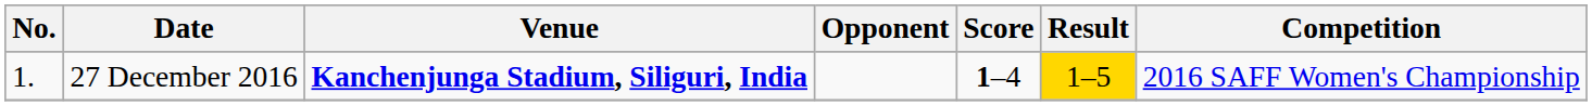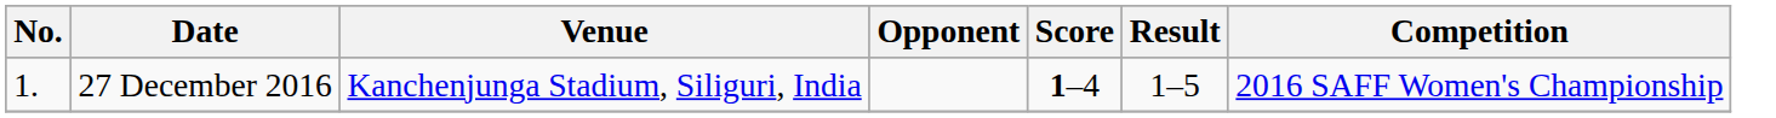 <table class="wikitable">
 <tr>
 <th>No.</th>
 <th>Date</th>
 <th>Venue</th>
 <th>Opponent</th>
 <th>Score</th>
 <th>Result</th>
 <th>Competition</th>
 </tr>
 <tr>
 <td>1.</td>
 <td>27 December 2016</td>
-<td><strong><a href='#'>Kanchenjunga Stadium</a>, <a href='#'>Siliguri</a>, <a href='#'>India</a></strong></td>
+<td><a href='#'>Kanchenjunga Stadium</a>, <a href='#'>Siliguri</a>, <a href='#'>India</a></td>
 <td></td>
 <td align=center><strong>1</strong>–4</td>
-<td align=center style="background: gold;">1–5</td>
+<td align=center>1–5</td>
 <td><a href='#'>2016 SAFF Women's Championship</a></td>
 </tr>
 <tr>
 </tr>
 </table>
